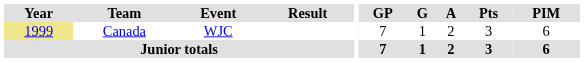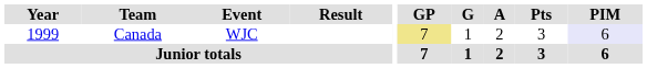 <table border="0" cellpadding="1" cellspacing="0" ID="Table3" style="text-align:center; width:40em">
 <tr ALIGN="center" bgcolor="#e0e0e0">
 <th>Year</th>
 <th>Team</th>
 <th>Event</th>
 <th>Result</th>
 <th rowspan="99" bgcolor="#ffffff"></th>
 <th>GP</th>
 <th>G</th>
 <th>A</th>
 <th>Pts</th>
 <th>PIM</th>
 </tr>
 <tr>
-<td style="background: khaki;"><a href='#'>1999</a></td>
+<td><a href='#'>1999</a></td>
 <td><a href='#'>Canada</a></td>
 <td><a href='#'>WJC</a></td>
 <td></td>
-<td>7</td>
+<td style="background: khaki;">7</td>
 <td>1</td>
 <td>2</td>
 <td>3</td>
-<td>6</td>
+<td style="background: lavender;">6</td>
 </tr>
 <tr bgcolor="#e0e0e0">
 <th colspan="4">Junior totals</th>
 <th>7</th>
 <th>1</th>
 <th>2</th>
 <th>3</th>
 <th>6</th>
 </tr>
 </table>
